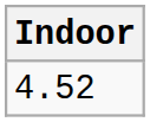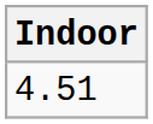 <table class="wikitable" border="1" align="upright">
 <tr>
 <th>Indoor</th>
 </tr>
 <tr>
-<td>4.52</td>
+<td>4.51</td>
 </tr>
 </table>
